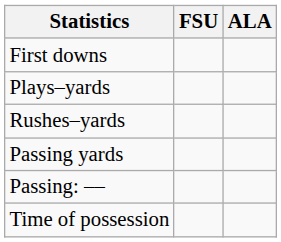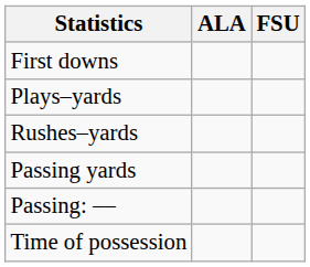 <table class="wikitable" style="float:left">
 <tr>
 <th>Statistics</th>
+<th>ALA</th>
 <th>FSU</th>
-<th>ALA</th>
 </tr>
 <tr>
 <td>First downs</td>
 <td></td>
 <td></td>
 </tr>
 <tr>
 <td>Plays–yards</td>
 <td></td>
 <td></td>
 </tr>
 <tr>
 <td>Rushes–yards</td>
 <td></td>
 <td></td>
 </tr>
 <tr>
 <td>Passing yards</td>
 <td></td>
 <td></td>
 </tr>
 <tr>
 <td>Passing: ––</td>
 <td></td>
 <td></td>
 </tr>
 <tr>
 <td>Time of possession</td>
 <td></td>
 <td></td>
 </tr>
 </table>
